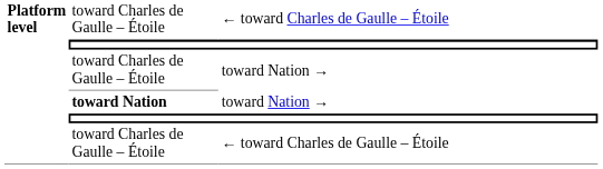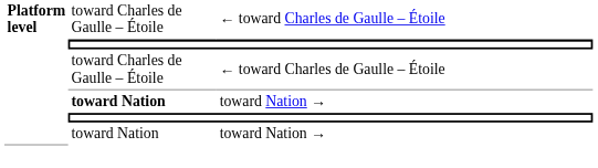 <table border=0 cellspacing=0 cellpadding=3>
 <tr>
 <td style="border-bottom:solid 1px gray;" width=50 rowspan=10 valign=top><strong>Platform level</strong></td>
 <td style="border-bottom:solid 1px gray;" width=150>toward Charles de Gaulle – Étoile</td>
 <td style="border-bottom:solid 1px gray;" width=390>←   toward <a href='#'>Charles de Gaulle – Étoile</a> </td>
 </tr>
 <tr>
 <td style="border-top:solid 2px black;border-right:solid 2px black;border-left:solid 2px black;border-bottom:solid 2px black;text-align:center;" colspan=2></td>
 </tr>
 <tr>
 <td style="border-bottom:solid 1px gray;" width=150>toward Charles de Gaulle – Étoile</td>
-<td>   toward Nation  →</td>
+<td style="border-bottom:solid 1px gray;" width=390>←   toward Charles de Gaulle – Étoile </td>
 </tr>
 <tr>
 <td><strong>toward Nation</strong></td>
 <td>   toward <a href='#'>Nation</a>  →</td>
 </tr>
 <tr>
 <td style="border-top:solid 2px black;border-right:solid 2px black;border-left:solid 2px black;border-bottom:solid 2px black;text-align:center;" colspan=2></td>
 </tr>
 <tr>
-<td style="border-bottom:solid 1px gray;" width=150>toward Charles de Gaulle – Étoile</td>
-<td style="border-bottom:solid 1px gray;" width=390>←   toward Charles de Gaulle – Étoile </td>
+<td>toward Nation</td>
+<td>   toward Nation  →</td>
 </tr>
 </table>
